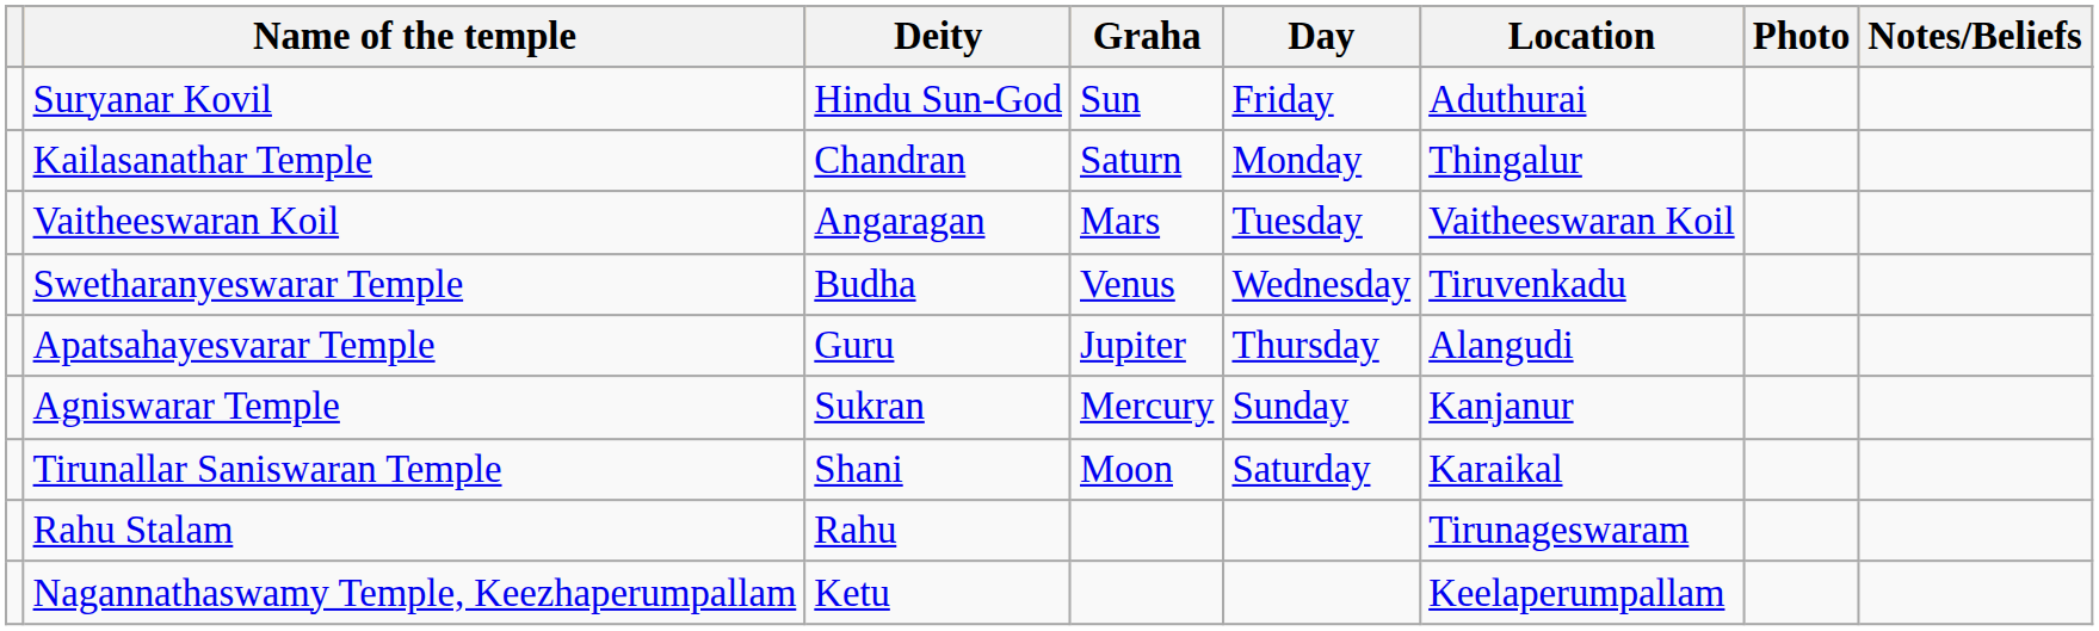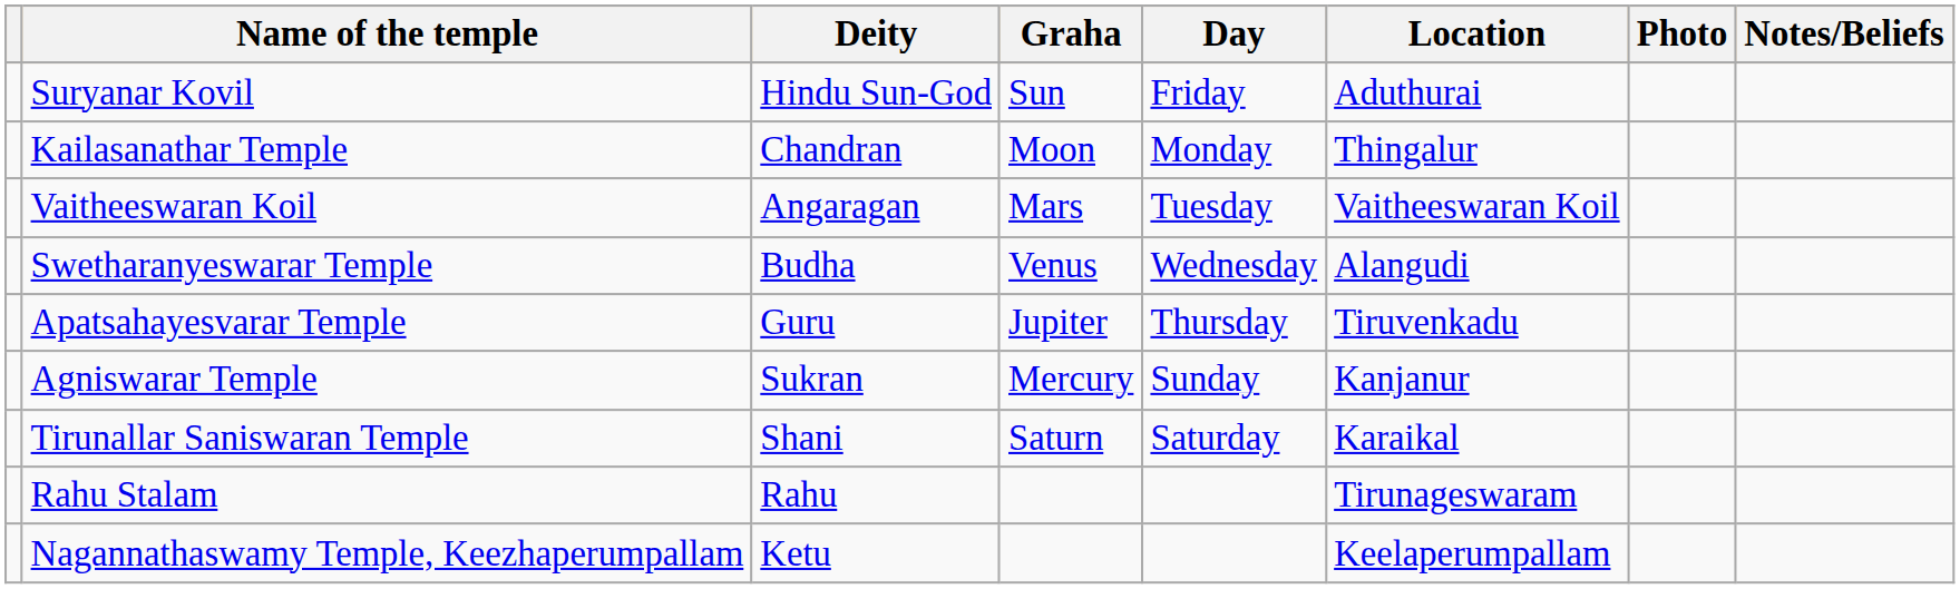 <table class="wikitable sortable">
 <tr style="background:#FFC569">
 <th scope="col"></th>
 <th scope="col"><strong>Name of the temple</strong></th>
 <th scope="col"><strong>Deity</strong></th>
 <th scope="col"><strong>Graha</strong></th>
 <th scope="col"><strong>Day</strong></th>
 <th scope="col"><strong>Location</strong></th>
 <th scope="col" class="unsortable"><strong>Photo</strong></th>
 <th scope="col"><strong>Notes/Beliefs</strong></th>
 </tr>
 <tr align ="center">
 </tr>
 <tr>
 <td style=></td>
 <td><a href='#'>Suryanar Kovil</a></td>
 <td><a href='#'>Hindu Sun-God</a></td>
 <td><a href='#'>Sun</a></td>
 <td><a href='#'>Friday</a></td>
 <td><a href='#'>Aduthurai</a></td>
 <td></td>
 <td></td>
 </tr>
 <tr>
 <td style="background-color: "></td>
 <td><a href='#'>Kailasanathar Temple</a></td>
 <td><a href='#'>Chandran</a></td>
-<td><a href='#'>Saturn</a></td>
+<td><a href='#'>Moon</a></td>
 <td><a href='#'>Monday</a></td>
 <td><a href='#'>Thingalur</a></td>
 <td></td>
 <td></td>
 </tr>
 <tr>
 <td style="background-color: "></td>
 <td><a href='#'>Vaitheeswaran Koil</a></td>
 <td><a href='#'>Angaragan</a></td>
 <td><a href='#'>Mars</a></td>
 <td><a href='#'>Tuesday</a></td>
 <td><a href='#'>Vaitheeswaran Koil</a></td>
 <td></td>
 <td></td>
 </tr>
 <tr>
 <td style="background-color: "></td>
 <td><a href='#'>Swetharanyeswarar Temple</a></td>
 <td><a href='#'>Budha</a></td>
 <td><a href='#'>Venus</a></td>
 <td><a href='#'>Wednesday</a></td>
-<td><a href='#'>Tiruvenkadu</a></td>
+<td><a href='#'>Alangudi</a></td>
 <td></td>
 <td></td>
 </tr>
 <tr>
 <td style="background-color: "></td>
 <td><a href='#'>Apatsahayesvarar Temple</a></td>
 <td><a href='#'>Guru</a></td>
 <td><a href='#'>Jupiter</a></td>
 <td><a href='#'>Thursday</a></td>
-<td><a href='#'>Alangudi</a></td>
+<td><a href='#'>Tiruvenkadu</a></td>
 <td></td>
 <td></td>
 </tr>
 <tr>
 <td style="background-color: "></td>
 <td><a href='#'>Agniswarar Temple</a></td>
 <td><a href='#'>Sukran</a></td>
 <td><a href='#'>Mercury</a></td>
 <td><a href='#'>Sunday</a></td>
 <td><a href='#'>Kanjanur</a></td>
 <td></td>
 <td></td>
 </tr>
 <tr>
 <td style="background-color: "></td>
 <td><a href='#'>Tirunallar Saniswaran Temple</a></td>
 <td><a href='#'>Shani</a></td>
-<td><a href='#'>Moon</a></td>
+<td><a href='#'>Saturn</a></td>
 <td><a href='#'>Saturday</a></td>
 <td><a href='#'>Karaikal</a></td>
 <td></td>
 <td></td>
 </tr>
 <tr>
 <td style="background-color: "></td>
 <td><a href='#'>Rahu Stalam</a></td>
 <td><a href='#'>Rahu</a></td>
 <td></td>
 <td></td>
 <td><a href='#'>Tirunageswaram</a></td>
 <td></td>
 <td></td>
 </tr>
 <tr>
 <td style="background-color: "></td>
 <td><a href='#'>Nagannathaswamy Temple, Keezhaperumpallam</a></td>
 <td><a href='#'>Ketu</a></td>
 <td></td>
 <td></td>
 <td><a href='#'>Keelaperumpallam</a></td>
 <td></td>
 <td></td>
 </tr>
 </table>
